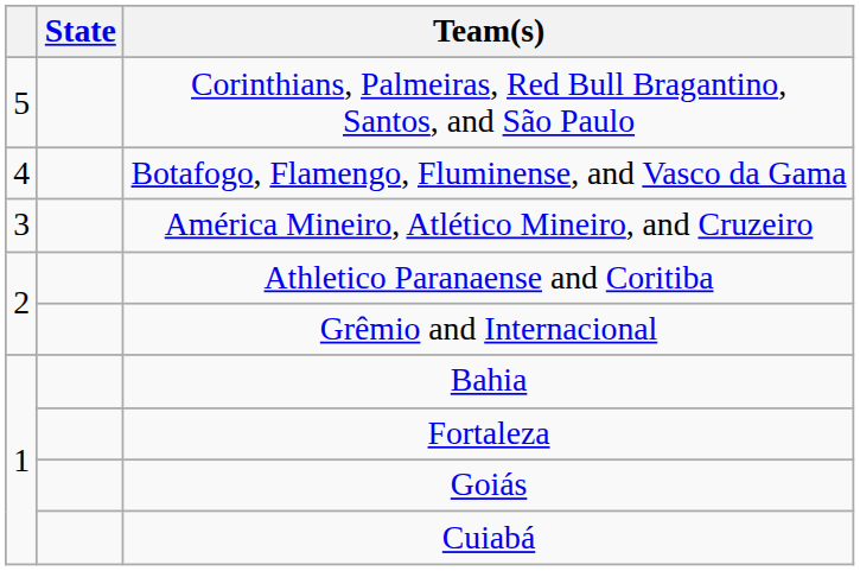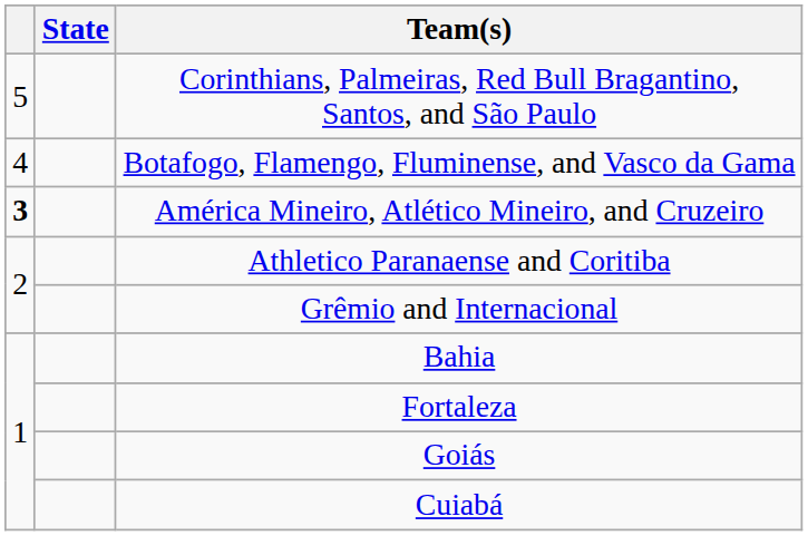 <table class="wikitable" style="text-align:center">
 <tr>
 <th></th>
 <th><a href='#'>State</a></th>
 <th>Team(s)</th>
 </tr>
 <tr>
 <td>5</td>
 <td align=left></td>
 <td><a href='#'>Corinthians</a>, <a href='#'>Palmeiras</a>, <a href='#'>Red Bull Bragantino</a>,<br><a href='#'>Santos</a>, and <a href='#'>São Paulo</a></td>
 </tr>
 <tr>
 <td>4</td>
 <td align=left></td>
 <td><a href='#'>Botafogo</a>, <a href='#'>Flamengo</a>, <a href='#'>Fluminense</a>, and <a href='#'>Vasco da Gama</a></td>
 </tr>
 <tr>
-<td>3</td>
+<td><strong>3</strong></td>
 <td align=left></td>
 <td><a href='#'>América Mineiro</a>, <a href='#'>Atlético Mineiro</a>, and <a href='#'>Cruzeiro</a></td>
 </tr>
 <tr>
 <td rowspan=2>2</td>
 <td align=left></td>
 <td><a href='#'>Athletico Paranaense</a> and <a href='#'>Coritiba</a></td>
 </tr>
 <tr>
 <td align=left></td>
 <td><a href='#'>Grêmio</a> and <a href='#'>Internacional</a></td>
 </tr>
 <tr>
 <td rowspan=4>1</td>
 <td align=left></td>
 <td><a href='#'>Bahia</a></td>
 </tr>
 <tr>
 <td align=left></td>
 <td><a href='#'>Fortaleza</a></td>
 </tr>
 <tr>
 <td align=left></td>
 <td><a href='#'>Goiás</a></td>
 </tr>
 <tr>
 <td align=left></td>
 <td><a href='#'>Cuiabá</a></td>
 </tr>
 </table>
